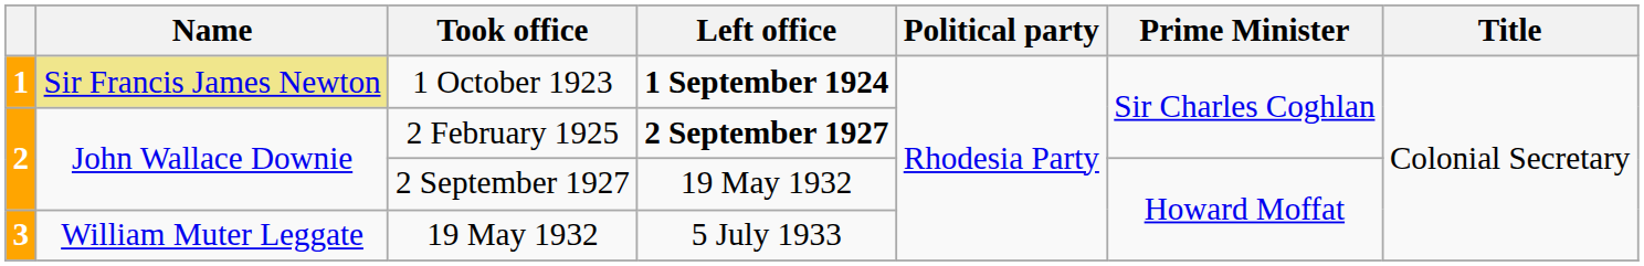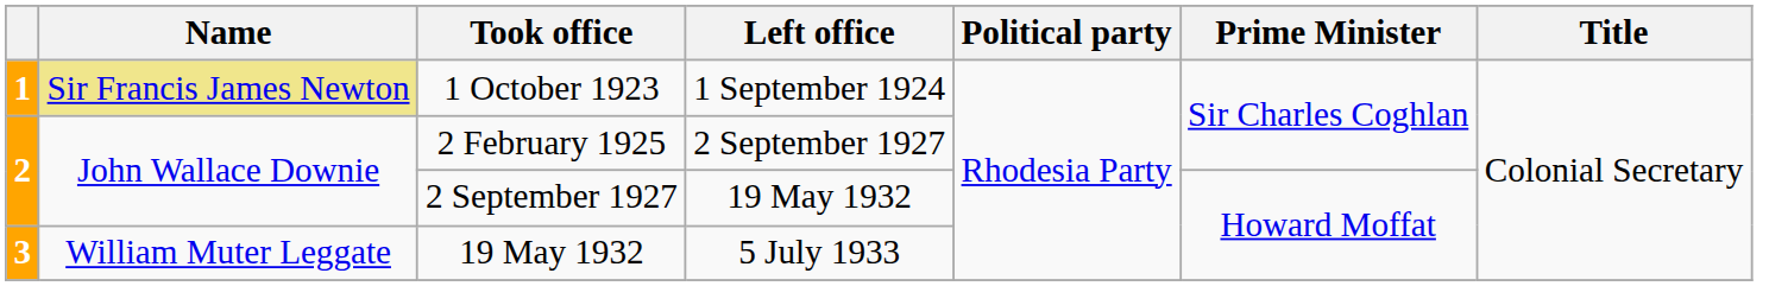 <table class="wikitable" style="text-align:center">
 <tr>
 <th></th>
 <th>Name</th>
 <th>Took office</th>
 <th>Left office</th>
 <th>Political party</th>
 <th>Prime Minister</th>
 <th>Title</th>
 </tr>
 <tr>
 <th style="background:orange; color:white;">1</th>
 <td style="background: khaki;"><a href='#'>Sir Francis James Newton</a></td>
 <td>1 October 1923</td>
-<td><strong>1 September 1924</strong></td>
+<td>1 September 1924</td>
 <td rowspan="4"><a href='#'>Rhodesia Party</a></td>
 <td rowspan="2"><a href='#'>Sir Charles Coghlan</a></td>
 <td rowspan="4">Colonial Secretary</td>
 </tr>
 <tr>
 <th rowspan="2" style="background:orange; color:white;">2</th>
 <td rowspan="2"><a href='#'>John Wallace Downie</a></td>
 <td>2 February 1925</td>
-<td><strong>2 September 1927</strong></td>
+<td>2 September 1927</td>
 </tr>
 <tr>
 <td>2 September 1927</td>
 <td>19 May 1932</td>
 <td rowspan="2"><a href='#'>Howard Moffat</a></td>
 </tr>
 <tr>
 <th style="background:orange; color:white;">3</th>
 <td><a href='#'>William Muter Leggate</a></td>
 <td>19 May 1932</td>
 <td>5 July 1933</td>
 </tr>
 </table>
